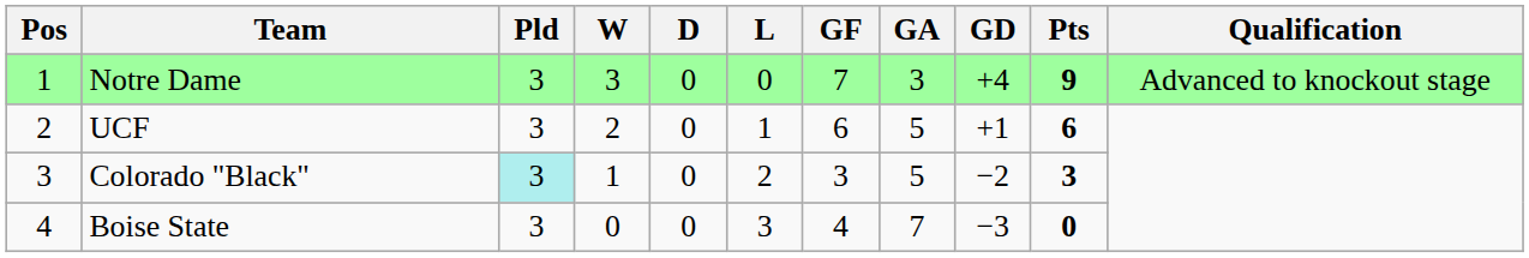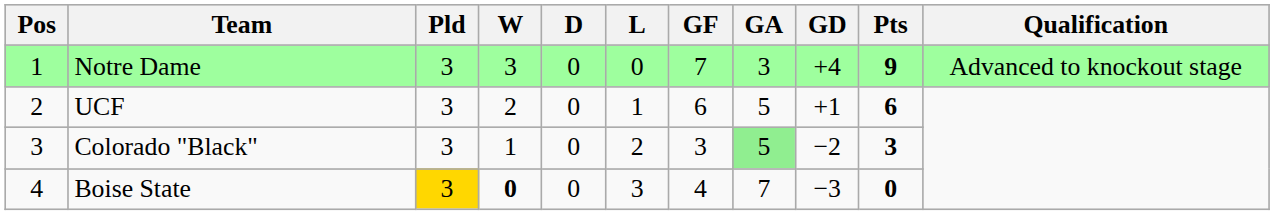 <table class="wikitable" style="text-align:center; margin: 1em auto">
 <tr>
 <th style=width:2em>Pos</th>
 <th style=width:13em>Team</th>
 <th style=width:2em>Pld</th>
 <th style=width:2em>W</th>
 <th style=width:2em>D</th>
 <th style=width:2em>L</th>
 <th style=width:2em>GF</th>
 <th style=width:2em>GA</th>
 <th style=width:2em>GD</th>
 <th style=width:2em>Pts</th>
 <th style=width:13em>Qualification</th>
 </tr>
 <tr bgcolor="#9eff9e">
 <td>1</td>
 <td style="text-align:left">Notre Dame</td>
 <td>3</td>
 <td>3</td>
 <td>0</td>
 <td>0</td>
 <td>7</td>
 <td>3</td>
 <td>+4</td>
 <td><strong>9</strong></td>
 <td>Advanced to knockout stage</td>
 </tr>
 <tr>
 <td>2</td>
 <td style="text-align:left">UCF</td>
 <td>3</td>
 <td>2</td>
 <td>0</td>
 <td>1</td>
 <td>6</td>
 <td>5</td>
 <td>+1</td>
 <td><strong>6</strong></td>
 <td rowspan="3"></td>
 </tr>
 <tr>
 <td>3</td>
 <td style="text-align:left">Colorado "Black"</td>
-<td style="background: paleturquoise;">3</td>
+<td>3</td>
 <td>1</td>
 <td>0</td>
 <td>2</td>
 <td>3</td>
-<td>5</td>
+<td style="background: lightgreen;">5</td>
 <td>−2</td>
 <td><strong>3</strong></td>
 </tr>
 <tr>
 <td>4</td>
 <td style="text-align:left">Boise State</td>
-<td>3</td>
-<td>0</td>
+<td style="background: gold;">3</td>
+<td><strong>0</strong></td>
 <td>0</td>
 <td>3</td>
 <td>4</td>
 <td>7</td>
 <td>−3</td>
 <td><strong>0</strong></td>
 </tr>
 </table>
